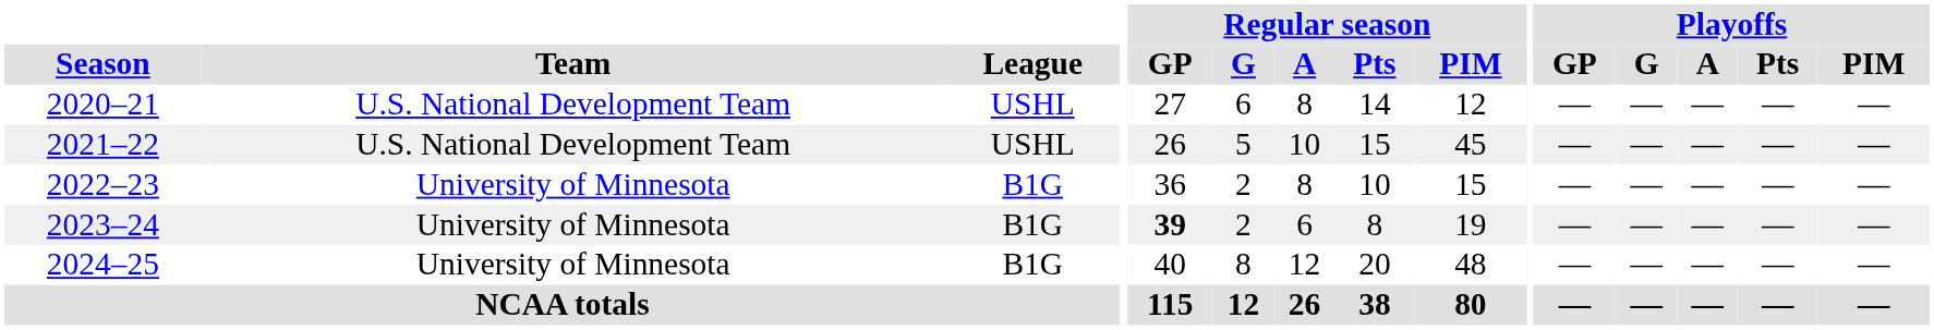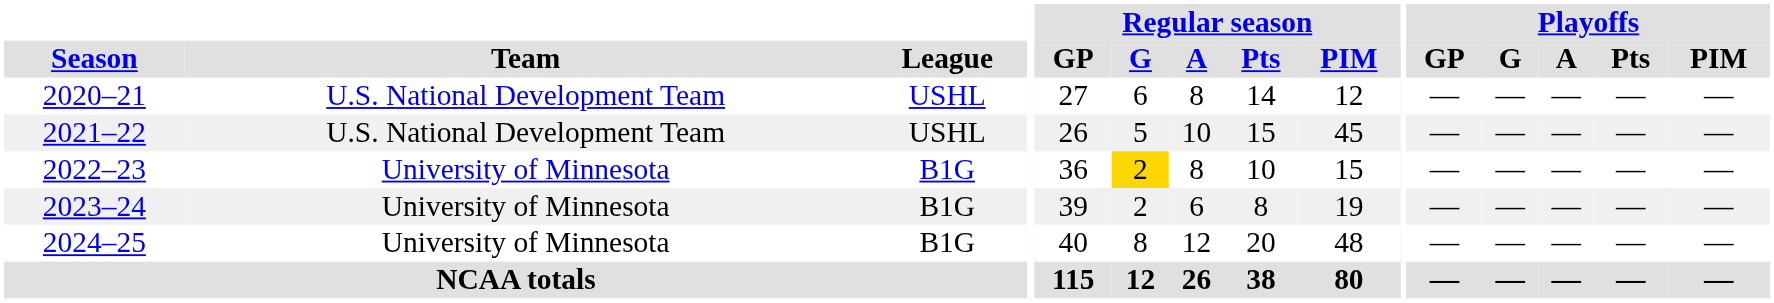 <table border="0" cellpadding="1" cellspacing="0" style="text-align:center; width:60em;">
 <tr bgcolor="#e0e0e0">
 <th colspan="3" bgcolor="#ffffff"></th>
 <th rowspan="100" bgcolor="#ffffff"></th>
 <th colspan="5"><a href='#'>Regular season</a></th>
 <th rowspan="100" bgcolor="#ffffff"></th>
 <th colspan="5"><a href='#'>Playoffs</a></th>
 </tr>
 <tr bgcolor="#e0e0e0">
 <th><a href='#'>Season</a></th>
 <th>Team</th>
 <th>League</th>
 <th>GP</th>
 <th><a href='#'>G</a></th>
 <th><a href='#'>A</a></th>
 <th><a href='#'>Pts</a></th>
 <th><a href='#'>PIM</a></th>
 <th>GP</th>
 <th>G</th>
 <th>A</th>
 <th>Pts</th>
 <th>PIM</th>
 </tr>
 <tr>
 <td><a href='#'>2020–21</a></td>
 <td><a href='#'>U.S. National Development Team</a></td>
 <td><a href='#'>USHL</a></td>
 <td>27</td>
 <td>6</td>
 <td>8</td>
 <td>14</td>
 <td>12</td>
 <td>—</td>
 <td>—</td>
 <td>—</td>
 <td>—</td>
 <td>—</td>
 </tr>
 <tr bgcolor="#f0f0f0">
 <td><a href='#'>2021–22</a></td>
 <td>U.S. National Development Team</td>
 <td>USHL</td>
 <td>26</td>
 <td>5</td>
 <td>10</td>
 <td>15</td>
 <td>45</td>
 <td>—</td>
 <td>—</td>
 <td>—</td>
 <td>—</td>
 <td>—</td>
 </tr>
 <tr>
 <td><a href='#'>2022–23</a></td>
 <td><a href='#'>University of Minnesota</a></td>
 <td><a href='#'>B1G</a></td>
 <td>36</td>
-<td>2</td>
+<td style="background: gold;">2</td>
 <td>8</td>
 <td>10</td>
 <td>15</td>
 <td>—</td>
 <td>—</td>
 <td>—</td>
 <td>—</td>
 <td>—</td>
 </tr>
 <tr bgcolor="#f0f0f0">
 <td><a href='#'>2023–24</a></td>
 <td>University of Minnesota</td>
 <td>B1G</td>
-<td><strong>39</strong></td>
+<td>39</td>
 <td>2</td>
 <td>6</td>
 <td>8</td>
 <td>19</td>
 <td>—</td>
 <td>—</td>
 <td>—</td>
 <td>—</td>
 <td>—</td>
 </tr>
 <tr>
 <td><a href='#'>2024–25</a></td>
 <td>University of Minnesota</td>
 <td>B1G</td>
 <td>40</td>
 <td>8</td>
 <td>12</td>
 <td>20</td>
 <td>48</td>
 <td>—</td>
 <td>—</td>
 <td>—</td>
 <td>—</td>
 <td>—</td>
 </tr>
 <tr bgcolor="#e0e0e0">
 <th colspan="3">NCAA totals</th>
 <th>115</th>
 <th>12</th>
 <th>26</th>
 <th>38</th>
 <th>80</th>
 <th>—</th>
 <th>—</th>
 <th>—</th>
 <th>—</th>
 <th>—</th>
 </tr>
 </table>
